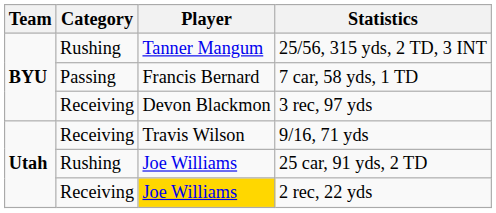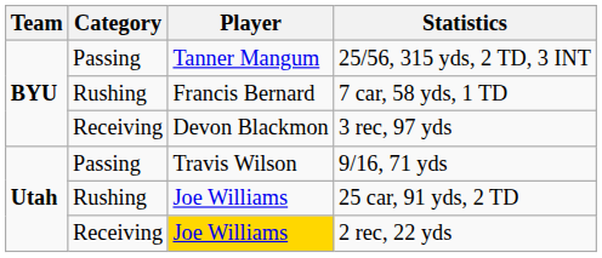 <table class="wikitable">
 <tr>
 <th>Team</th>
 <th>Category</th>
 <th>Player</th>
 <th>Statistics</th>
 </tr>
 <tr>
 <td rowspan=3><strong>BYU</strong></td>
-<td>Rushing</td>
+<td>Passing</td>
 <td><a href='#'>Tanner Mangum</a></td>
 <td>25/56, 315 yds, 2 TD, 3 INT</td>
 </tr>
 <tr>
-<td>Passing</td>
+<td>Rushing</td>
 <td>Francis Bernard</td>
 <td>7 car, 58 yds, 1 TD</td>
 </tr>
 <tr>
 <td>Receiving</td>
 <td>Devon Blackmon</td>
 <td>3 rec, 97 yds</td>
 </tr>
 <tr>
 <td rowspan=3><strong>Utah</strong></td>
-<td>Receiving</td>
+<td>Passing</td>
 <td>Travis Wilson</td>
 <td>9/16, 71 yds</td>
 </tr>
 <tr>
 <td>Rushing</td>
 <td><a href='#'>Joe Williams</a></td>
 <td>25 car, 91 yds, 2 TD</td>
 </tr>
 <tr>
 <td>Receiving</td>
 <td style="background: gold;"><a href='#'>Joe Williams</a></td>
 <td>2 rec, 22 yds</td>
 </tr>
 </table>
